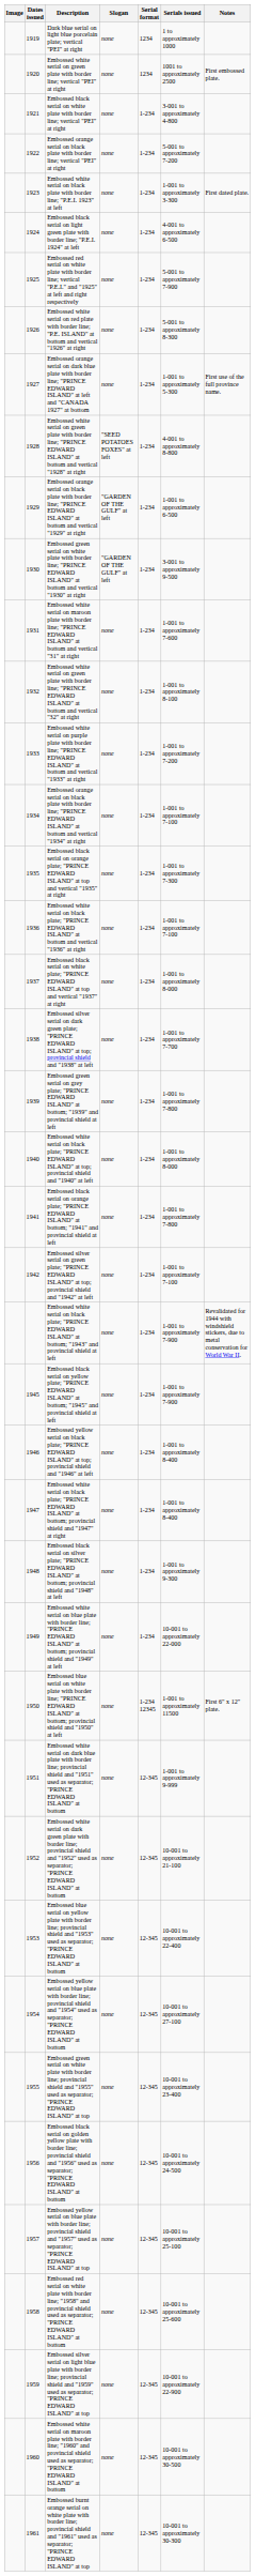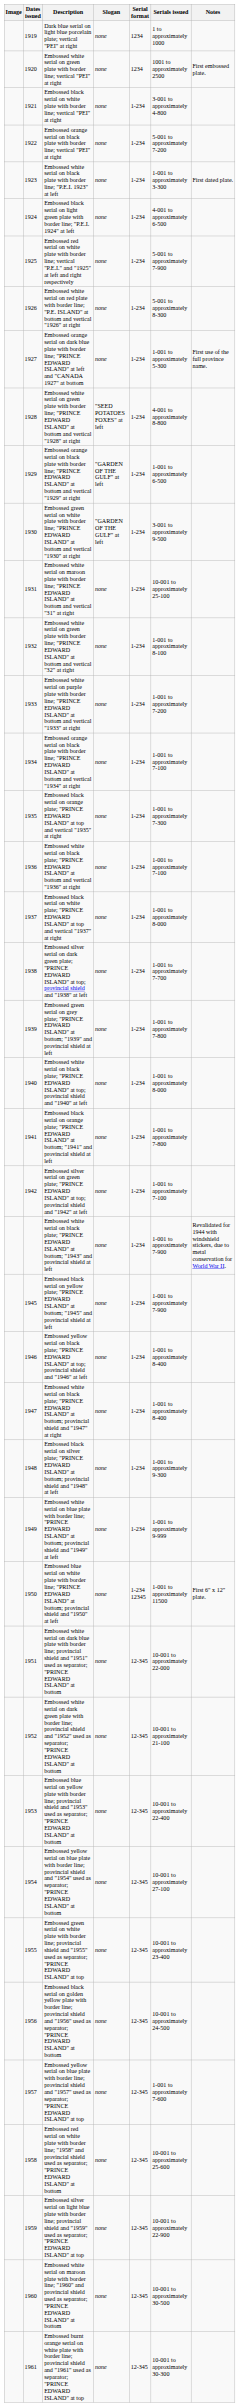 <table class="wikitable">
 <tr>
 <th>Image</th>
 <th>Dates issued</th>
 <th>Description</th>
 <th>Slogan</th>
 <th>Serial format</th>
 <th>Serials issued</th>
 <th>Notes</th>
 </tr>
 <tr>
 <td></td>
 <td>1919</td>
 <td>Dark blue serial on light blue porcelain plate; vertical "PEI" at right</td>
 <td><em>none</em></td>
 <td>1234</td>
 <td>1 to approximately 1000</td>
 <td></td>
 </tr>
 <tr>
 <td></td>
 <td>1920</td>
 <td>Embossed white serial on green plate with border line; vertical "PEI" at right</td>
 <td><em>none</em></td>
 <td>1234</td>
 <td>1001 to approximately 2500</td>
 <td>First embossed plate.</td>
 </tr>
 <tr>
 <td></td>
 <td>1921</td>
 <td>Embossed black serial on white plate with border line; vertical "PEI" at right</td>
 <td><em>none</em></td>
 <td>1-234</td>
 <td>3-001 to approximately 4-800</td>
 <td></td>
 </tr>
 <tr>
 <td></td>
 <td>1922</td>
 <td>Embossed orange serial on black plate with border line; vertical "PEI" at right</td>
 <td><em>none</em></td>
 <td>1-234</td>
 <td>5-001 to approximately 7-200</td>
 <td></td>
 </tr>
 <tr>
 <td></td>
 <td>1923</td>
 <td>Embossed white serial on black plate with border line; "P.E.I. 1923" at left</td>
 <td><em>none</em></td>
 <td>1-234</td>
 <td>1-001 to approximately 3-300</td>
 <td>First dated plate.</td>
 </tr>
 <tr>
 <td></td>
 <td>1924</td>
 <td>Embossed black serial on light green plate with border line; "P.E.I. 1924" at left</td>
 <td><em>none</em></td>
 <td>1-234</td>
 <td>4-001 to approximately 6-500</td>
 <td></td>
 </tr>
 <tr>
 <td></td>
 <td>1925</td>
 <td>Embossed red serial on white plate with border line; vertical "P.E.I." and "1925" at left and right respectively</td>
 <td><em>none</em></td>
 <td>1-234</td>
 <td>5-001 to approximately 7-900</td>
 <td></td>
 </tr>
 <tr>
 <td></td>
 <td>1926</td>
 <td>Embossed white serial on red plate with border line; "P.E. ISLAND" at bottom and vertical "1926" at right</td>
 <td><em>none</em></td>
 <td>1-234</td>
 <td>5-001 to approximately 8-300</td>
 <td></td>
 </tr>
 <tr>
 <td></td>
 <td>1927</td>
 <td>Embossed orange serial on dark blue plate with border line; "PRINCE EDWARD ISLAND" at left and "CANADA 1927" at bottom</td>
 <td><em>none</em></td>
 <td>1-234</td>
 <td>1-001 to approximately 5-300</td>
 <td>First use of the full province name.</td>
 </tr>
 <tr>
 <td></td>
 <td>1928</td>
 <td>Embossed white serial on green plate with border line; "PRINCE EDWARD ISLAND" at bottom and vertical "1928" at right</td>
 <td>"SEED POTATOES FOXES" at left</td>
 <td>1-234</td>
 <td>4-001 to approximately 8-800</td>
 <td></td>
 </tr>
 <tr>
 <td></td>
 <td>1929</td>
 <td>Embossed orange serial on black plate with border line; "PRINCE EDWARD ISLAND" at bottom and vertical "1929" at right</td>
 <td>"GARDEN OF THE GULF" at left</td>
 <td>1-234</td>
 <td>1-001 to approximately 6-500</td>
 <td></td>
 </tr>
 <tr>
 <td></td>
 <td>1930</td>
 <td>Embossed green serial on white plate with border line; "PRINCE EDWARD ISLAND" at bottom and vertical "1930" at right</td>
 <td>"GARDEN OF THE GULF" at left</td>
 <td>1-234</td>
 <td>3-001 to approximately 9-500</td>
 <td></td>
 </tr>
 <tr>
 <td></td>
 <td>1931</td>
 <td>Embossed white serial on maroon plate with border line; "PRINCE EDWARD ISLAND" at bottom and vertical "31" at right</td>
 <td><em>none</em></td>
 <td>1-234</td>
-<td>1-001 to approximately 7-600</td>
+<td>10-001 to approximately 25-100</td>
 <td></td>
 </tr>
 <tr>
 <td></td>
 <td>1932</td>
 <td>Embossed white serial on green plate with border line; "PRINCE EDWARD ISLAND" at bottom and vertical "32" at right</td>
 <td><em>none</em></td>
 <td>1-234</td>
 <td>1-001 to approximately 8-100</td>
 <td></td>
 </tr>
 <tr>
 <td></td>
 <td>1933</td>
 <td>Embossed white serial on purple plate with border line; "PRINCE EDWARD ISLAND" at bottom and vertical "1933" at right</td>
 <td><em>none</em></td>
 <td>1-234</td>
 <td>1-001 to approximately 7-200</td>
 <td></td>
 </tr>
 <tr>
 <td></td>
 <td>1934</td>
 <td>Embossed orange serial on black plate with border line; "PRINCE EDWARD ISLAND" at bottom and vertical "1934" at right</td>
 <td><em>none</em></td>
 <td>1-234</td>
 <td>1-001 to approximately 7-100</td>
 <td></td>
 </tr>
 <tr>
 <td></td>
 <td>1935</td>
 <td>Embossed black serial on orange plate; "PRINCE EDWARD ISLAND" at top and vertical "1935" at right</td>
 <td><em>none</em></td>
 <td>1-234</td>
 <td>1-001 to approximately 7-300</td>
 <td></td>
 </tr>
 <tr>
 <td></td>
 <td>1936</td>
 <td>Embossed white serial on black plate; "PRINCE EDWARD ISLAND" at bottom and vertical "1936" at right</td>
 <td><em>none</em></td>
 <td>1-234</td>
 <td>1-001 to approximately 7-100</td>
 <td></td>
 </tr>
 <tr>
 <td></td>
 <td>1937</td>
 <td>Embossed black serial on white plate; "PRINCE EDWARD ISLAND" at top and vertical "1937" at right</td>
 <td><em>none</em></td>
 <td>1-234</td>
 <td>1-001 to approximately 8-000</td>
 <td></td>
 </tr>
 <tr>
 <td></td>
 <td>1938</td>
 <td>Embossed silver serial on dark green plate; "PRINCE EDWARD ISLAND" at top; <a href='#'>provincial shield</a> and "1938" at left</td>
 <td><em>none</em></td>
 <td>1-234</td>
 <td>1-001 to approximately 7-700</td>
 <td></td>
 </tr>
 <tr>
 <td></td>
 <td>1939</td>
 <td>Embossed green serial on grey plate; "PRINCE EDWARD ISLAND" at bottom; "1939" and provincial shield at left</td>
 <td><em>none</em></td>
 <td>1-234</td>
 <td>1-001 to approximately 7-800</td>
 <td></td>
 </tr>
 <tr>
 <td></td>
 <td>1940</td>
 <td>Embossed white serial on black plate; "PRINCE EDWARD ISLAND" at top; provincial shield and "1940" at left</td>
 <td><em>none</em></td>
 <td>1-234</td>
 <td>1-001 to approximately 8-000</td>
 <td></td>
 </tr>
 <tr>
 <td></td>
 <td>1941</td>
 <td>Embossed black serial on orange plate; "PRINCE EDWARD ISLAND" at bottom; "1941" and provincial shield at left</td>
 <td><em>none</em></td>
 <td>1-234</td>
 <td>1-001 to approximately 7-800</td>
 <td></td>
 </tr>
 <tr>
 <td></td>
 <td>1942</td>
 <td>Embossed silver serial on green plate; "PRINCE EDWARD ISLAND" at top; provincial shield and "1942" at left</td>
 <td><em>none</em></td>
 <td>1-234</td>
 <td>1-001 to approximately 7-100</td>
 <td></td>
 </tr>
 <tr>
 <td></td>
 <td></td>
 <td>Embossed white serial on black plate; "PRINCE EDWARD ISLAND" at bottom; "1943" and provincial shield at left</td>
 <td><em>none</em></td>
 <td>1-234</td>
 <td>1-001 to approximately 7-900</td>
 <td>Revalidated for 1944 with windshield stickers, due to metal conservation for <a href='#'>World War II</a>.</td>
 </tr>
 <tr>
 <td></td>
 <td>1945</td>
 <td>Embossed black serial on yellow plate; "PRINCE EDWARD ISLAND" at bottom; "1945" and provincial shield at left</td>
 <td><em>none</em></td>
 <td>1-234</td>
 <td>1-001 to approximately 7-900</td>
 <td></td>
 </tr>
 <tr>
 <td></td>
 <td>1946</td>
 <td>Embossed yellow serial on black plate; "PRINCE EDWARD ISLAND" at top; provincial shield and "1946" at left</td>
 <td><em>none</em></td>
 <td>1-234</td>
 <td>1-001 to approximately 8-400</td>
 <td></td>
 </tr>
 <tr>
 <td></td>
 <td>1947</td>
 <td>Embossed white serial on black plate; "PRINCE EDWARD ISLAND" at bottom; provincial shield and "1947" at right</td>
 <td><em>none</em></td>
 <td>1-234</td>
 <td>1-001 to approximately 8-400</td>
 <td></td>
 </tr>
 <tr>
 <td></td>
 <td>1948</td>
 <td>Embossed black serial on silver plate; "PRINCE EDWARD ISLAND" at bottom; provincial shield and "1948" at left</td>
 <td><em>none</em></td>
 <td>1-234</td>
 <td>1-001 to approximately 9-300</td>
 <td></td>
 </tr>
 <tr>
 <td></td>
 <td>1949</td>
 <td>Embossed white serial on blue plate with border line; "PRINCE EDWARD ISLAND" at bottom; provincial shield and "1949" at left</td>
 <td><em>none</em></td>
 <td>1-234</td>
-<td>10-001 to approximately 22-000</td>
+<td>1-001 to approximately 9-999</td>
 <td></td>
 </tr>
 <tr>
 <td></td>
 <td>1950</td>
 <td>Embossed blue serial on white plate with border line; "PRINCE EDWARD ISLAND" at bottom; provincial shield and "1950" at left</td>
 <td><em>none</em></td>
 <td>1-234<br>12345</td>
 <td>1-001 to approximately 11500</td>
 <td>First 6" x 12" plate.</td>
 </tr>
 <tr>
 <td></td>
 <td>1951</td>
 <td>Embossed white serial on dark blue plate with border line; provincial shield and "1951" used as separator; "PRINCE EDWARD ISLAND" at bottom</td>
 <td><em>none</em></td>
 <td>12-345</td>
-<td>1-001 to approximately 9-999</td>
+<td>10-001 to approximately 22-000</td>
 <td></td>
 </tr>
 <tr>
 <td></td>
 <td>1952</td>
 <td>Embossed white serial on dark green plate with border line; provincial shield and "1952" used as separator; "PRINCE EDWARD ISLAND" at bottom</td>
 <td><em>none</em></td>
 <td>12-345</td>
 <td>10-001 to approximately 21-100</td>
 <td></td>
 </tr>
 <tr>
 <td></td>
 <td>1953</td>
 <td>Embossed blue serial on yellow plate with border line; provincial shield and "1953" used as separator; "PRINCE EDWARD ISLAND" at bottom</td>
 <td><em>none</em></td>
 <td>12-345</td>
 <td>10-001 to approximately 22-400</td>
 <td></td>
 </tr>
 <tr>
 <td></td>
 <td>1954</td>
 <td>Embossed yellow serial on blue plate with border line; provincial shield and "1954" used as separator; "PRINCE EDWARD ISLAND" at bottom</td>
 <td><em>none</em></td>
 <td>12-345</td>
 <td>10-001 to approximately 27-100</td>
 <td></td>
 </tr>
 <tr>
 <td></td>
 <td>1955</td>
 <td>Embossed green serial on white plate with border line; provincial shield and "1955" used as separator; "PRINCE EDWARD ISLAND" at top</td>
 <td><em>none</em></td>
 <td>12-345</td>
 <td>10-001 to approximately 23-400</td>
 <td></td>
 </tr>
 <tr>
 <td></td>
 <td>1956</td>
 <td>Embossed black serial on golden yellow plate with border line; provincial shield and "1956" used as separator; "PRINCE EDWARD ISLAND" at bottom</td>
 <td><em>none</em></td>
 <td>12-345</td>
 <td>10-001 to approximately 24-500</td>
 <td></td>
 </tr>
 <tr>
 <td></td>
 <td>1957</td>
 <td>Embossed yellow serial on blue plate with border line; provincial shield and "1957" used as separator; "PRINCE EDWARD ISLAND" at top</td>
 <td><em>none</em></td>
 <td>12-345</td>
-<td>10-001 to approximately 25-100</td>
+<td>1-001 to approximately 7-600</td>
 <td></td>
 </tr>
 <tr>
 <td></td>
 <td>1958</td>
 <td>Embossed red serial on white plate with border line; "1958" and provincial shield used as separator; "PRINCE EDWARD ISLAND" at bottom</td>
 <td><em>none</em></td>
 <td>12-345</td>
 <td>10-001 to approximately 25-600</td>
 <td></td>
 </tr>
 <tr>
 <td></td>
 <td>1959</td>
 <td>Embossed silver serial on light blue plate with border line; provincial shield and "1959" used as separator; "PRINCE EDWARD ISLAND" at top</td>
 <td><em>none</em></td>
 <td>12-345</td>
 <td>10-001 to approximately 22-900</td>
 <td></td>
 </tr>
 <tr>
 <td></td>
 <td>1960</td>
 <td>Embossed white serial on maroon plate with border line; "1960" and provincial shield used as separator; "PRINCE EDWARD ISLAND" at bottom</td>
 <td><em>none</em></td>
 <td>12-345</td>
 <td>10-001 to approximately 30-500</td>
 <td></td>
 </tr>
 <tr>
 <td></td>
 <td>1961</td>
 <td>Embossed burnt orange serial on white plate with border line; provincial shield and "1961" used as separator; "PRINCE EDWARD ISLAND" at top</td>
 <td><em>none</em></td>
 <td>12-345</td>
 <td>10-001 to approximately 30-300</td>
 <td></td>
 </tr>
 </table>
